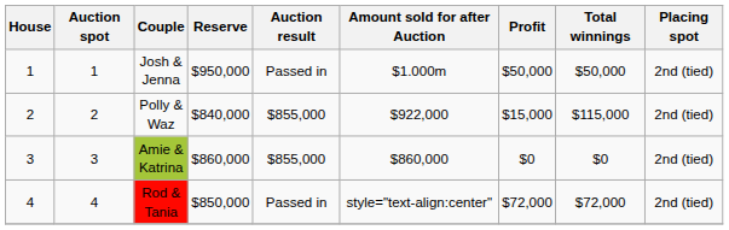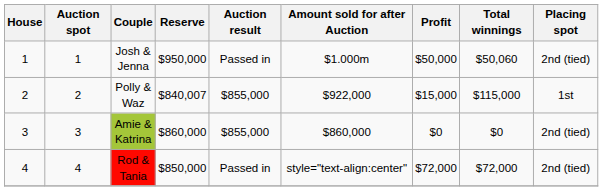 <table class="wikitable" style="text-align: center; font-size: 9pt; line-height:16px; width:70%" |>
 <tr>
 <th>House</th>
 <th>Auction spot</th>
 <th>Couple</th>
 <th>Reserve</th>
 <th>Auction result</th>
 <th>Amount sold for after Auction</th>
 <th>Profit</th>
 <th>Total winnings</th>
 <th>Placing spot</th>
 </tr>
 <tr>
 <td>1</td>
 <td style="text-align:center">1</td>
 <td style="width:5%;" scope="col" style="background:#00BFFF; color:black;">Josh & Jenna</td>
 <td style="text-align:center">$950,000</td>
 <td style="text-align:center">Passed in</td>
 <td style="text-align:center">$1.000m</td>
 <td style="text-align:center">$50,000</td>
-<td style="text-align:center">$50,000</td>
+<td style="text-align:center">$50,060</td>
 <td style="text-align:center">2nd (tied)</td>
 </tr>
 <tr>
 <td>2</td>
 <td style="text-align:center">2</td>
 <td style="width:5%;" scope="col" style="background:Black; background-color:#FDEE00">Polly & Waz</td>
-<td style="text-align:center">$840,000</td>
+<td style="text-align:center">$840,007</td>
 <td style="text-align:center">$855,000</td>
 <td style="text-align:center">$922,000</td>
 <td style="text-align:center">$15,000</td>
 <td style="text-align:center">$115,000</td>
-<td style="text-align:center">2nd (tied)</td>
+<td style="text-align:center">1st</td>
 </tr>
 <tr>
 <td>3</td>
 <td style="text-align:center">3</td>
 <td style="background:#A4C639; color:Black;">Amie & Katrina</td>
 <td style="text-align:center">$860,000</td>
 <td style="text-align:center">$855,000</td>
 <td style="text-align:center">$860,000</td>
 <td style="text-align:center">$0</td>
 <td style="text-align:center">$0</td>
 <td style="text-align:center">2nd (tied)</td>
 </tr>
 <tr>
 <td>4</td>
 <td style="text-align:center">4</td>
 <td style="background:#FF0800; color:black;">Rod & Tania</td>
 <td style="text-align:center">$850,000</td>
 <td style="text-align:center">Passed in</td>
 <td>style="text-align:center" </td>
 <td style="text-align:center">$72,000</td>
 <td style="text-align:center">$72,000</td>
 <td style="text-align:center">2nd (tied)</td>
 </tr>
 <tr>
 </tr>
 </table>
